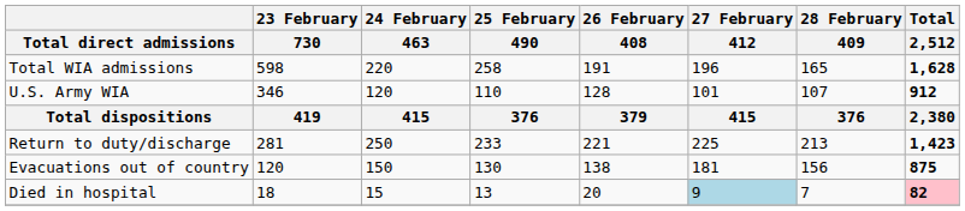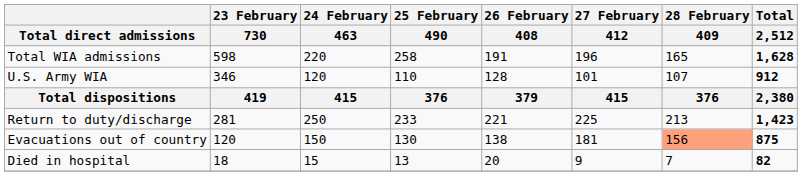 <table class="wikitable">
 <tr>
 <th></th>
 <th>23 February</th>
 <th>24 February</th>
 <th>25 February</th>
 <th>26 February</th>
 <th>27 February</th>
 <th>28 February</th>
 <th>Total</th>
 </tr>
 <tr>
 <th>Total direct admissions</th>
 <th>730</th>
 <th>463</th>
 <th>490</th>
 <th>408</th>
 <th>412</th>
 <th>409</th>
 <th>2,512</th>
 </tr>
 <tr>
 <td>Total WIA admissions</td>
 <td>598</td>
 <td>220</td>
 <td>258</td>
 <td>191</td>
 <td>196</td>
 <td>165</td>
 <td><strong>1,628</strong></td>
 </tr>
 <tr>
 <td>U.S. Army WIA</td>
 <td>346</td>
 <td>120</td>
 <td>110</td>
 <td>128</td>
 <td>101</td>
 <td>107</td>
 <td><strong>912</strong></td>
 </tr>
 <tr>
 <th>Total dispositions</th>
 <th>419</th>
 <th>415</th>
 <th>376</th>
 <th>379</th>
 <th>415</th>
 <th>376</th>
 <th>2,380</th>
 </tr>
 <tr>
 <td>Return to duty/discharge</td>
 <td>281</td>
 <td>250</td>
 <td>233</td>
 <td>221</td>
 <td>225</td>
 <td>213</td>
 <td><strong>1,423</strong></td>
 </tr>
 <tr>
 <td>Evacuations out of country</td>
 <td>120</td>
 <td>150</td>
 <td>130</td>
 <td>138</td>
 <td>181</td>
-<td>156</td>
+<td style="background: lightsalmon;">156</td>
 <td><strong>875</strong></td>
 </tr>
 <tr>
 <td>Died in hospital</td>
 <td>18</td>
 <td>15</td>
 <td>13</td>
 <td>20</td>
-<td style="background: lightblue;">9</td>
+<td>9</td>
 <td>7</td>
-<td style="background: pink;"><strong>82</strong></td>
+<td><strong>82</strong></td>
 </tr>
 <tr>
 </tr>
 </table>
